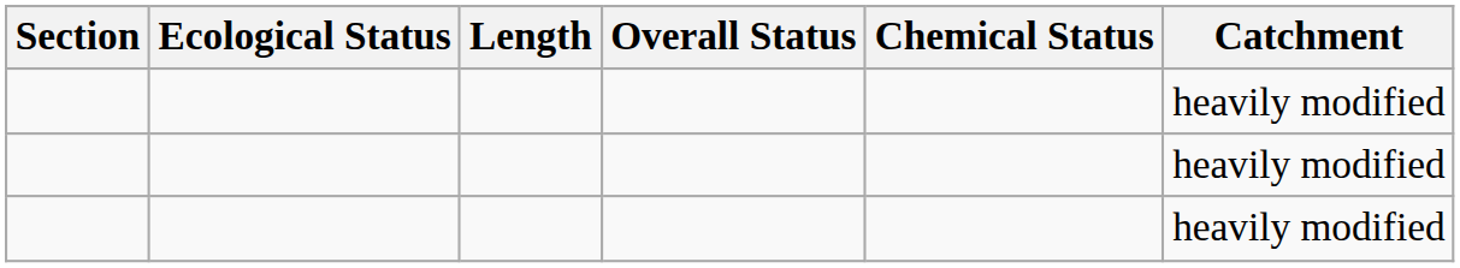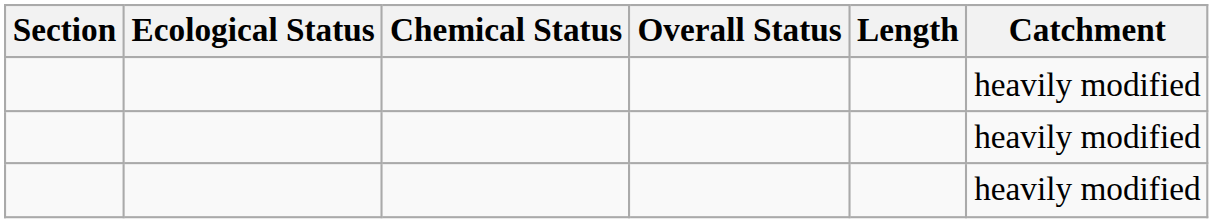 <table class="wikitable">
 <tr>
 <th>Section</th>
 <th>Ecological Status</th>
+<th>Chemical Status</th>
+<th>Overall Status</th>
 <th>Length</th>
-<th>Overall Status</th>
-<th>Chemical Status</th>
 <th>Catchment</th>
 </tr>
 <tr>
 <td></td>
 <td></td>
 <td></td>
 <td></td>
 <td></td>
 <td>heavily modified</td>
 </tr>
 <tr>
 <td></td>
 <td></td>
 <td></td>
 <td></td>
 <td></td>
 <td>heavily modified</td>
 </tr>
 <tr>
 <td></td>
 <td></td>
 <td></td>
 <td></td>
 <td></td>
 <td>heavily modified</td>
 </tr>
 </table>
